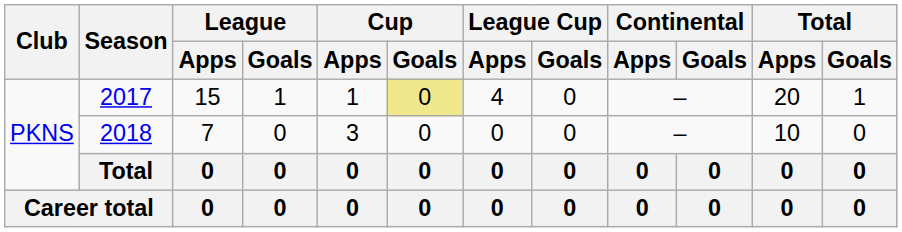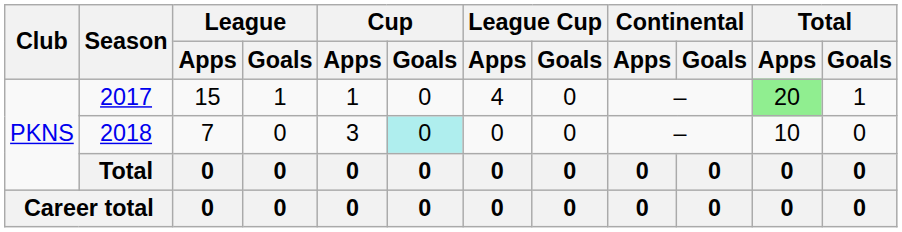 <table class="wikitable" style="text-align: center;">
 <tr>
 <th rowspan="2">Club</th>
 <th rowspan="2">Season</th>
 <th colspan="2">League</th>
 <th colspan="2">Cup</th>
 <th colspan="2">League Cup</th>
 <th colspan="2">Continental</th>
 <th colspan="2">Total</th>
 </tr>
 <tr>
 <th>Apps</th>
 <th>Goals</th>
 <th>Apps</th>
 <th>Goals</th>
 <th>Apps</th>
 <th>Goals</th>
 <th>Apps</th>
 <th>Goals</th>
 <th>Apps</th>
 <th>Goals</th>
 </tr>
 <tr>
 <td rowspan="3"><a href='#'>PKNS</a></td>
 <td><a href='#'>2017</a></td>
 <td>15</td>
 <td>1</td>
 <td>1</td>
-<td style="background: khaki;">0</td>
+<td>0</td>
 <td>4</td>
 <td>0</td>
 <td colspan="2">–</td>
-<td>20</td>
+<td style="background: lightgreen;">20</td>
 <td>1</td>
 </tr>
 <tr>
 <td><a href='#'>2018</a></td>
 <td>7</td>
 <td>0</td>
 <td>3</td>
-<td>0</td>
+<td style="background: paleturquoise;">0</td>
 <td>0</td>
 <td>0</td>
 <td colspan="2">–</td>
 <td>10</td>
 <td>0</td>
 </tr>
 <tr>
 <th>Total</th>
 <th>0</th>
 <th>0</th>
 <th>0</th>
 <th>0</th>
 <th>0</th>
 <th>0</th>
 <th>0</th>
 <th>0</th>
 <th>0</th>
 <th>0</th>
 </tr>
 <tr>
 <th colspan="2">Career total</th>
 <th>0</th>
 <th>0</th>
 <th>0</th>
 <th>0</th>
 <th>0</th>
 <th>0</th>
 <th>0</th>
 <th>0</th>
 <th>0</th>
 <th>0</th>
 </tr>
 </table>
